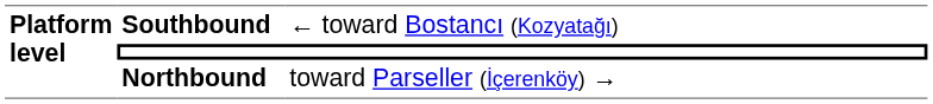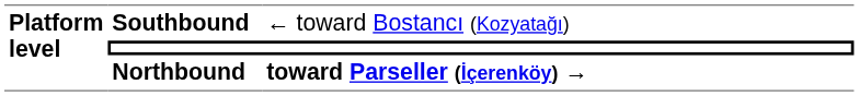 <table cellpadding="3" cellspacing="0" border="0">
 <tr>
 <td rowspan="3" width="50" style="border-top-color: gray; border-bottom-color: gray; border-top-width: 1px; border-bottom-width: 1px; border-top-style: solid; border-bottom-style: solid;" valign="top"><strong>Platform level</strong></td>
 <td width="100" style="border-top-color: gray; border-top-width: 1px; border-top-style: solid;"><strong>Southbound</strong></td>
 <td width="400" style="border-top-color: gray; border-top-width: 1px; border-top-style: solid;">←  toward <a href='#'>Bostancı</a> <small>(<a href='#'>Kozyatağı</a>)</small></td>
 </tr>
 <tr>
 <td colspan="2" style="border: 2px solid black; border-image: none; text-align: center;"></td>
 </tr>
 <tr>
 <td style="border-bottom-color: gray; border-bottom-width: 1px; border-bottom-style: solid;"><strong>Northbound</strong></td>
-<td style="border-bottom-color: gray; border-bottom-width: 1px; border-bottom-style: solid;"> toward <a href='#'>Parseller</a> <small>(<a href='#'>İçerenköy</a>)</small> →</td>
+<td style="border-bottom-color: gray; border-bottom-width: 1px; border-bottom-style: solid;"><strong> toward <a href='#'>Parseller</a> <small>(<a href='#'>İçerenköy</a>)</small> →</strong></td>
 </tr>
 </table>
